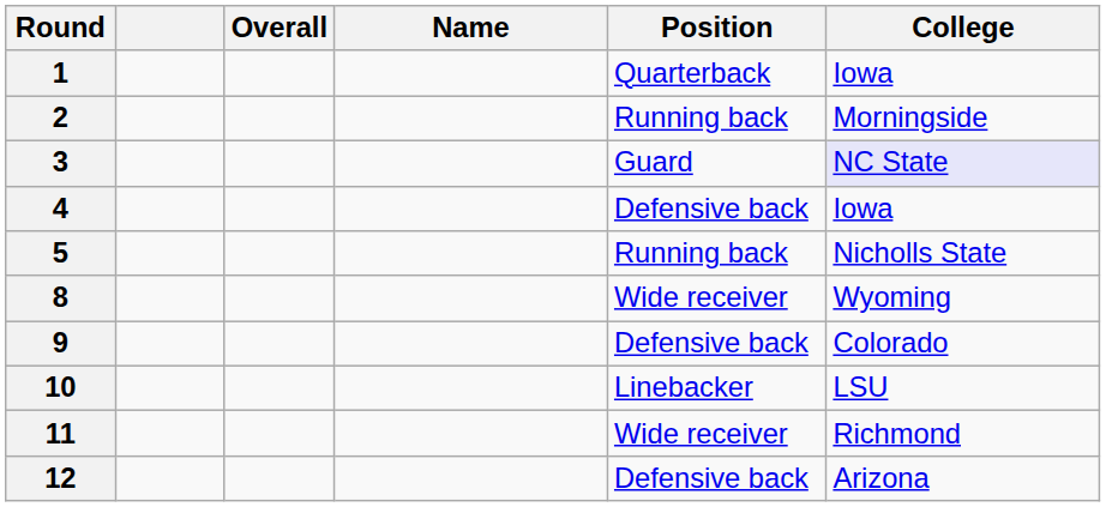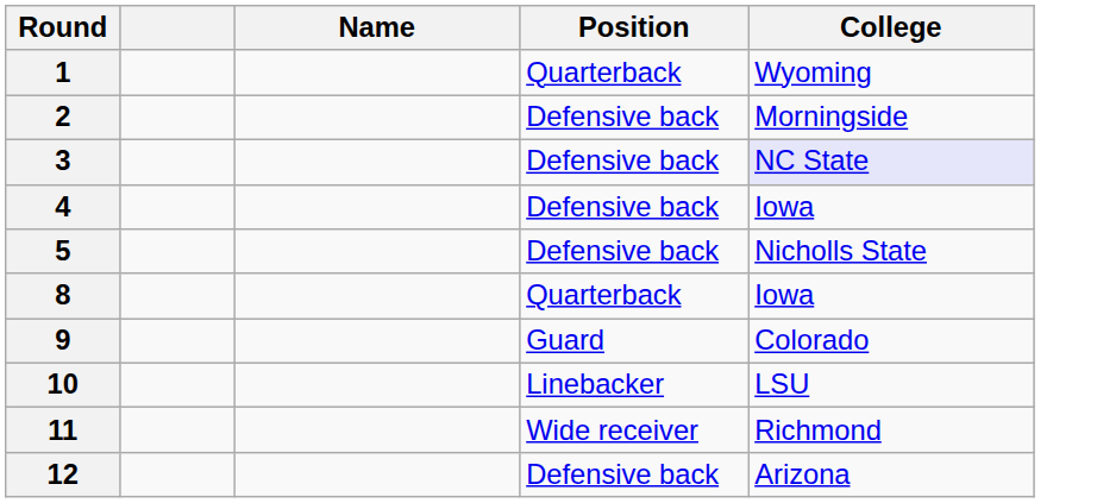 <table class="wikitable sortable">
 <tr>
 <th scope="col" style="width: 10%;">Round</th>
 <th scope="col" style="width: 10%;"></th>
-<th scope="col" style="width: 10%;">Overall</th>
 <th scope="col" style="width: 25%;">Name</th>
 <th scope="col" style="width: 20%;">Position</th>
 <th scope="col" style="width: 25%;">College</th>
 </tr>
 <tr>
 <th scope="row">1</th>
 <td></td>
 <td></td>
-<td></td>
 <td><a href='#'>Quarterback</a></td>
-<td><a href='#'>Iowa</a></td>
+<td><a href='#'>Wyoming</a></td>
 </tr>
 <tr>
 <th scope="row">2</th>
 <td></td>
 <td></td>
-<td></td>
-<td><a href='#'>Running back</a></td>
+<td><a href='#'>Defensive back</a></td>
 <td><a href='#'>Morningside</a></td>
 </tr>
 <tr>
 <th scope="row">3</th>
 <td></td>
 <td></td>
-<td></td>
-<td><a href='#'>Guard</a></td>
+<td><a href='#'>Defensive back</a></td>
 <td style="background: lavender;"><a href='#'>NC State</a></td>
 </tr>
 <tr>
 <th scope="row">4</th>
-<td></td>
 <td></td>
 <td></td>
 <td><a href='#'>Defensive back</a></td>
 <td><a href='#'>Iowa</a></td>
 </tr>
 <tr>
 <th scope="row">5</th>
 <td></td>
 <td></td>
-<td></td>
-<td><a href='#'>Running back</a></td>
+<td><a href='#'>Defensive back</a></td>
 <td><a href='#'>Nicholls State</a></td>
 </tr>
 <tr>
 <th scope="row">8</th>
 <td></td>
 <td></td>
-<td></td>
-<td><a href='#'>Wide receiver</a></td>
-<td><a href='#'>Wyoming</a></td>
+<td><a href='#'>Quarterback</a></td>
+<td><a href='#'>Iowa</a></td>
 </tr>
 <tr>
 <th scope="row">9</th>
 <td></td>
 <td></td>
-<td></td>
-<td><a href='#'>Defensive back</a></td>
+<td><a href='#'>Guard</a></td>
 <td><a href='#'>Colorado</a></td>
 </tr>
 <tr>
 <th scope="row">10</th>
-<td></td>
 <td></td>
 <td></td>
 <td><a href='#'>Linebacker</a></td>
 <td><a href='#'>LSU</a></td>
 </tr>
 <tr>
 <th scope="row">11</th>
 <td></td>
 <td></td>
-<td></td>
 <td><a href='#'>Wide receiver</a></td>
 <td><a href='#'>Richmond</a></td>
 </tr>
 <tr>
 <th scope="row">12</th>
 <td></td>
 <td></td>
-<td></td>
 <td><a href='#'>Defensive back</a></td>
 <td><a href='#'>Arizona</a></td>
 </tr>
 </table>
